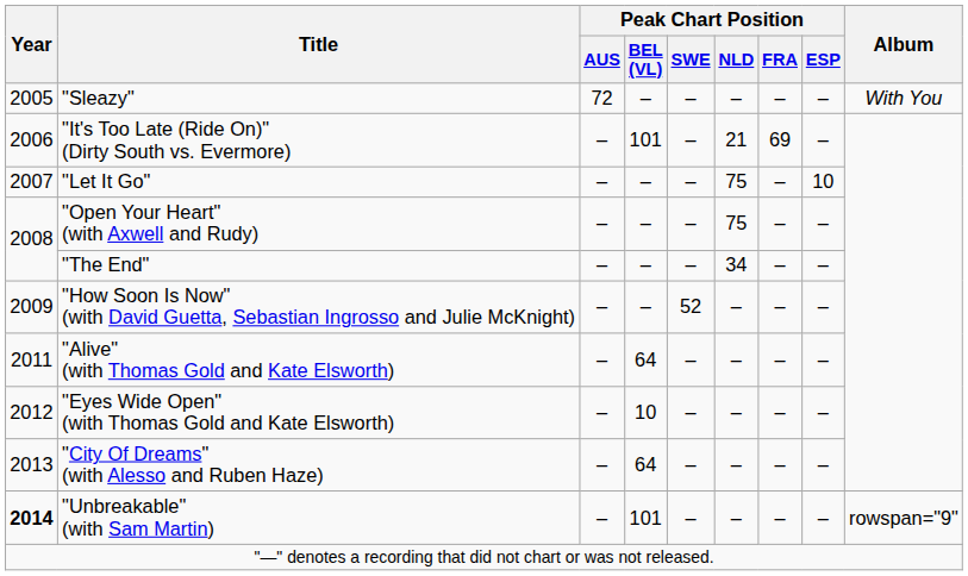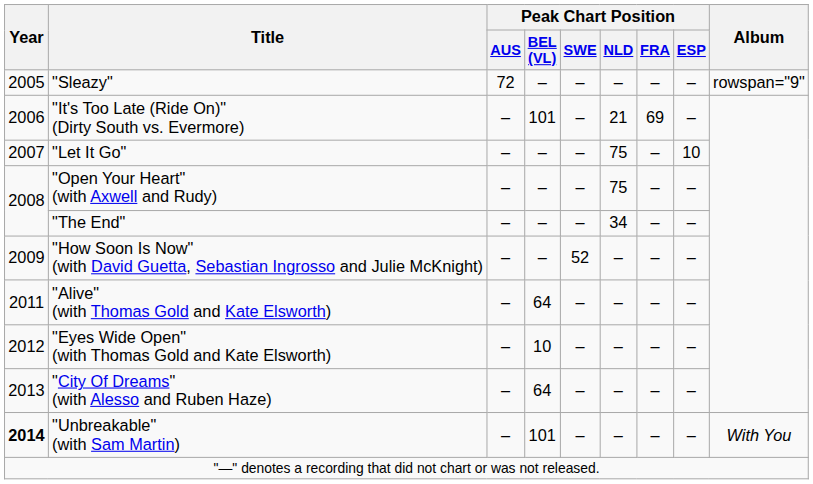 <table class="wikitable" style="text-align:center;">
 <tr>
 <th scope="col" rowspan="2">Year</th>
 <th scope="col" rowspan="2">Title</th>
 <th scope="col" colspan="6">Peak Chart Position</th>
 <th scope="col" rowspan="2">Album</th>
 </tr>
 <tr>
 <th scope="col" style="width:2em;font-size:89%;"><a href='#'>AUS</a><br></th>
 <th scope="col" style="width:2em;font-size:89%;"><a href='#'>BEL (VL)</a></th>
 <th scope="col" style="width:2em;font-size:89%;"><a href='#'>SWE</a></th>
 <th scope="col" style="width:2em;font-size:89%;"><a href='#'>NLD</a></th>
 <th scope="col" style="width:2em;font-size:89%;"><a href='#'>FRA</a></th>
 <th scope="col" style="width:2em;font-size:89%;"><a href='#'>ESP</a></th>
 </tr>
 <tr>
 <td>2005</td>
 <td style="text-align:left;">"Sleazy"</td>
 <td>72</td>
 <td>–</td>
 <td>–</td>
 <td>–</td>
 <td>–</td>
 <td>–</td>
-<td><em>With You</em></td>
+<td>rowspan="9" </td>
 </tr>
 <tr>
 <td>2006</td>
 <td style="text-align:left;">"It's Too Late (Ride On)" <br>(Dirty South vs. Evermore)<br></td>
 <td>–</td>
 <td>101</td>
 <td>–</td>
 <td>21</td>
 <td>69</td>
 <td>–</td>
 </tr>
 <tr>
 <td>2007</td>
 <td style="text-align:left;">"Let It Go"</td>
 <td>–</td>
 <td>–</td>
 <td>–</td>
 <td>75</td>
 <td>–</td>
 <td>10</td>
 </tr>
 <tr>
 <td rowspan="2">2008</td>
 <td style="text-align:left;">"Open Your Heart" <br>(with <a href='#'>Axwell</a> and Rudy)</td>
 <td>–</td>
 <td>–</td>
 <td>–</td>
 <td>75</td>
 <td>–</td>
 <td>–</td>
 </tr>
 <tr>
 <td style="text-align:left;">"The End"</td>
 <td>–</td>
 <td>–</td>
 <td>–</td>
 <td>34</td>
 <td>–</td>
 <td>–</td>
 </tr>
 <tr>
 <td>2009</td>
 <td style="text-align:left;">"How Soon Is Now" <br>(with <a href='#'>David Guetta</a>, <a href='#'>Sebastian Ingrosso</a> and Julie McKnight)<br></td>
 <td>–</td>
 <td>–</td>
 <td>52</td>
 <td>–</td>
 <td>–</td>
 <td>–</td>
 </tr>
 <tr>
 <td>2011</td>
 <td style="text-align:left;">"Alive" <br>(with <a href='#'>Thomas Gold</a> and <a href='#'>Kate Elsworth</a>)<br></td>
 <td>–</td>
 <td>64</td>
 <td>–</td>
 <td>–</td>
 <td>–</td>
 <td>–</td>
 </tr>
 <tr>
 <td>2012</td>
 <td style="text-align:left;">"Eyes Wide Open" <br>(with Thomas Gold and Kate Elsworth)<br></td>
 <td>–</td>
 <td>10</td>
 <td>–</td>
 <td>–</td>
 <td>–</td>
 <td>–</td>
 </tr>
 <tr>
 <td>2013</td>
 <td style="text-align:left;">"<a href='#'>City Of Dreams</a>" <br>(with <a href='#'>Alesso</a> and Ruben Haze)<br></td>
 <td>–</td>
 <td>64</td>
 <td>–</td>
 <td>–</td>
 <td>–</td>
 <td>–</td>
 </tr>
 <tr>
 <td><strong>2014</strong></td>
 <td style="text-align:left;">"Unbreakable" <br>(with <a href='#'>Sam Martin</a>)<br></td>
 <td>–</td>
 <td>101</td>
 <td>–</td>
 <td>–</td>
 <td>–</td>
 <td>–</td>
-<td>rowspan="9" </td>
+<td><em>With You</em></td>
 </tr>
 <tr>
 <td colspan=9 style="font-size:85%">"—" denotes a recording that did not chart or was not released.</td>
 </tr>
 </table>
